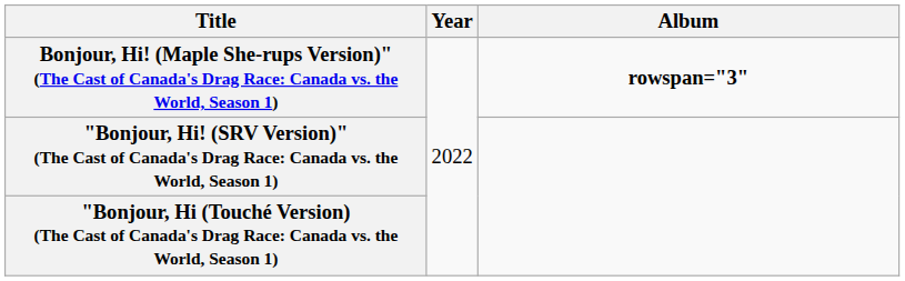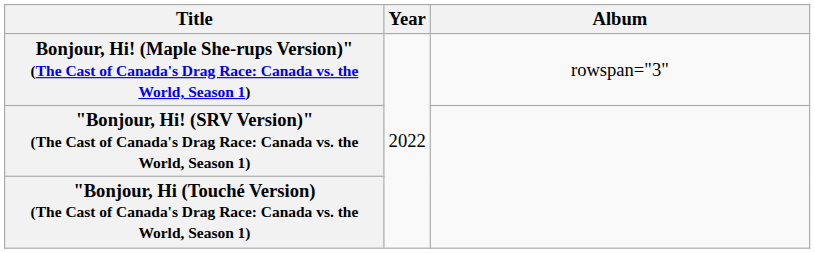 <table class="wikitable plainrowheaders" style="text-align:center;">
 <tr>
 <th style="width:20em;">Title</th>
 <th style="width:1em;">Year</th>
 <th style="width:20em;">Album</th>
 </tr>
 <tr>
 <th scope="row">Bonjour, Hi! (Maple She-rups Version)"<br><small>(<a href='#'>The Cast of Canada's Drag Race: Canada vs. the World, Season 1</a>)</small></th>
 <td rowspan="3">2022</td>
-<td><strong>rowspan="3" </strong></td>
+<td>rowspan="3" </td>
 </tr>
 <tr>
 <th scope="row">"Bonjour, Hi! (SRV Version)"<br><small>(The Cast of Canada's Drag Race: Canada vs. the World, Season 1)</small></th>
 </tr>
 <tr>
 <th scope="row">"Bonjour, Hi (Touché Version)<br><small>(The Cast of Canada's Drag Race: Canada vs. the World, Season 1)</small></th>
 </tr>
 </table>
